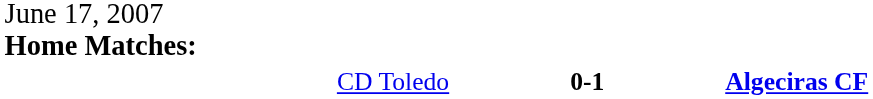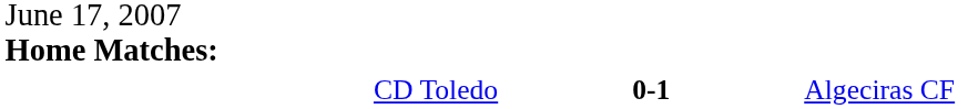 <table width=100% cellspacing=1>
 <tr>
 <th width=20%></th>
 <th width=12%></th>
 <th width=20%></th>
 <th></th>
 </tr>
 <tr>
 <td>June 17, 2007<br><strong>Home Matches:</strong></td>
 </tr>
 <tr style=font-size:90%>
 <td align=right><a href='#'>CD Toledo</a></td>
 <td align=center><strong>0-1</strong></td>
-<td><strong><a href='#'>Algeciras CF</a></strong></td>
+<td><a href='#'>Algeciras CF</a></td>
 </tr>
 </table>
